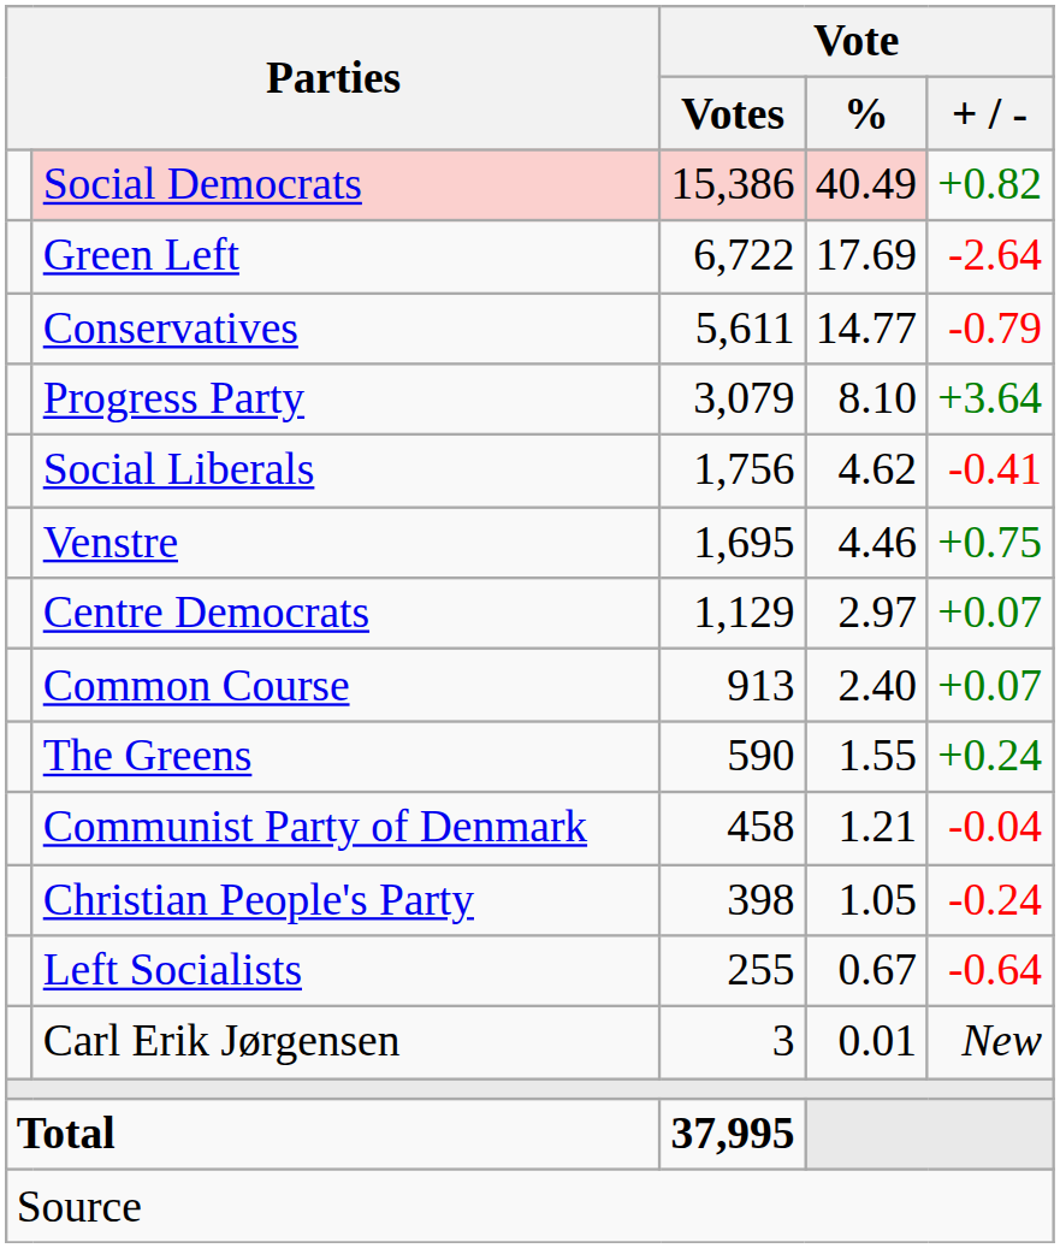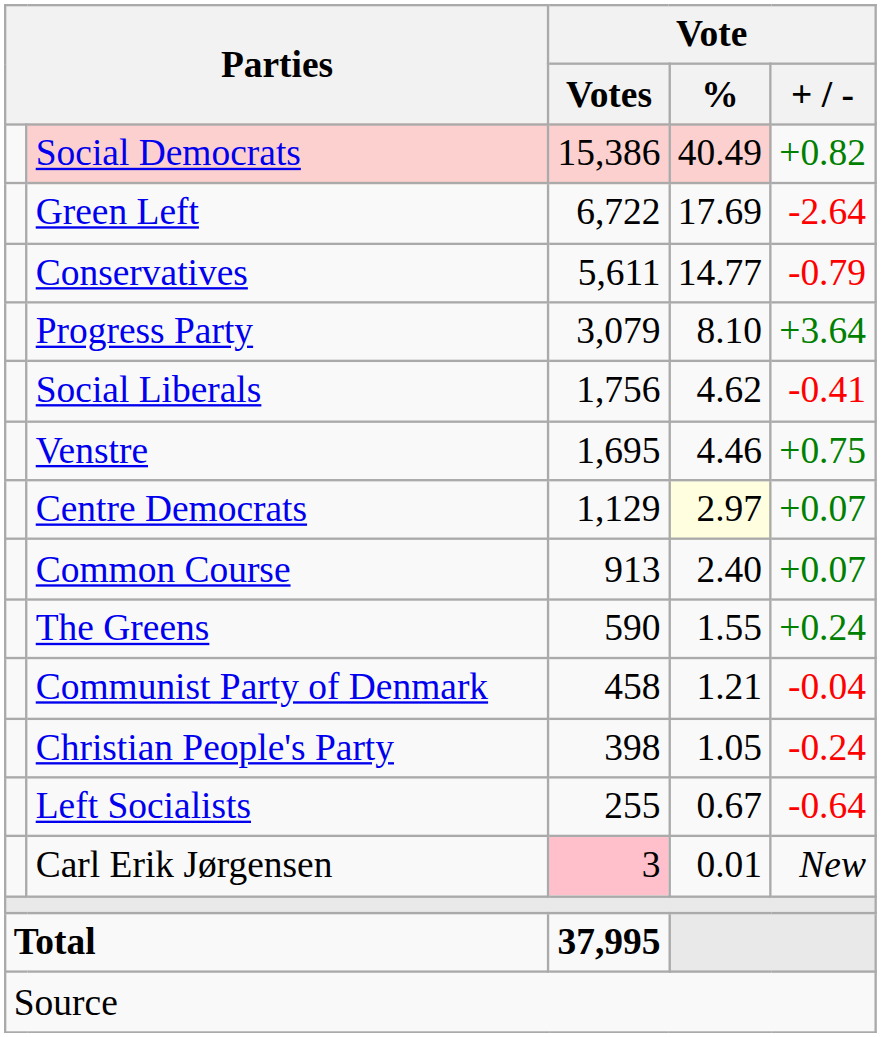 <table class="wikitable" style="text-align:right;">
 <tr>
 <th style="text-align:centre;" rowspan="2" colspan="2" width="225">Parties</th>
 <th colspan="3">Vote</th>
 </tr>
 <tr>
 <th width="15">Votes</th>
 <th width="15">%</th>
 <th width="15">+ / -</th>
 </tr>
 <tr>
 <td width="2" style="color:inherit;background:"></td>
 <td bgcolor=#fbd0ce  align="left"><a href='#'>Social Democrats</a></td>
 <td bgcolor=#fbd0ce>15,386</td>
 <td bgcolor=#fbd0ce>40.49</td>
 <td style=color:green;>+0.82</td>
 </tr>
 <tr>
 <td width="2" style="color:inherit;background:"></td>
 <td align="left"><a href='#'>Green Left</a></td>
 <td>6,722</td>
 <td>17.69</td>
 <td style=color:red;>-2.64</td>
 </tr>
 <tr>
 <td width="2" style="color:inherit;background:"></td>
 <td align="left"><a href='#'>Conservatives</a></td>
 <td>5,611</td>
 <td>14.77</td>
 <td style=color:red;>-0.79</td>
 </tr>
 <tr>
 <td width="2" style="color:inherit;background:"></td>
 <td align="left"><a href='#'>Progress Party</a></td>
 <td>3,079</td>
 <td>8.10</td>
 <td style=color:green;>+3.64</td>
 </tr>
 <tr>
 <td width="2" style="color:inherit;background:"></td>
 <td align="left"><a href='#'>Social Liberals</a></td>
 <td>1,756</td>
 <td>4.62</td>
 <td style=color:red;>-0.41</td>
 </tr>
 <tr>
 <td width="2" style="color:inherit;background:"></td>
 <td align="left"><a href='#'>Venstre</a></td>
 <td>1,695</td>
 <td>4.46</td>
 <td style=color:green;>+0.75</td>
 </tr>
 <tr>
 <td width="2" style="color:inherit;background:"></td>
 <td align="left"><a href='#'>Centre Democrats</a></td>
 <td>1,129</td>
-<td>2.97</td>
+<td style="background: lightyellow;">2.97</td>
 <td style=color:green;>+0.07</td>
 </tr>
 <tr>
 <td width="2" style="color:inherit;background:"></td>
 <td align="left"><a href='#'>Common Course</a></td>
 <td>913</td>
 <td>2.40</td>
 <td style=color:green;>+0.07</td>
 </tr>
 <tr>
 <td width="2" style="color:inherit;background:"></td>
 <td align="left"><a href='#'>The Greens</a></td>
 <td>590</td>
 <td>1.55</td>
 <td style=color:green;>+0.24</td>
 </tr>
 <tr>
 <td width="2" style="color:inherit;background:"></td>
 <td align="left"><a href='#'>Communist Party of Denmark</a></td>
 <td>458</td>
 <td>1.21</td>
 <td style=color:red;>-0.04</td>
 </tr>
 <tr>
 <td width="2" style="color:inherit;background:"></td>
 <td align="left"><a href='#'>Christian People's Party</a></td>
 <td>398</td>
 <td>1.05</td>
 <td style=color:red;>-0.24</td>
 </tr>
 <tr>
 <td width="2" style="color:inherit;background:"></td>
 <td align="left"><a href='#'>Left Socialists</a></td>
 <td>255</td>
 <td>0.67</td>
 <td style=color:red;>-0.64</td>
 </tr>
 <tr>
 <td width="2" style="color:inherit;background:"></td>
 <td align="left">Carl Erik Jørgensen</td>
-<td>3</td>
+<td style="background: pink;">3</td>
 <td>0.01</td>
 <td><em>New</em></td>
 </tr>
 <tr>
 <td colspan="7" bgcolor="#E9E9E9"></td>
 </tr>
 <tr>
 <td align="left" colspan="2"><strong>Total</strong></td>
 <td><strong>37,995</strong></td>
 <td bgcolor="#E9E9E9" colspan="2"></td>
 </tr>
 <tr>
 <td align="left" colspan="6">Source</td>
 </tr>
 </table>
